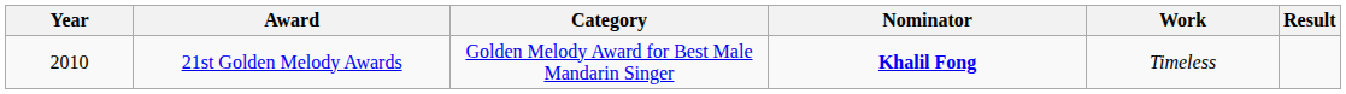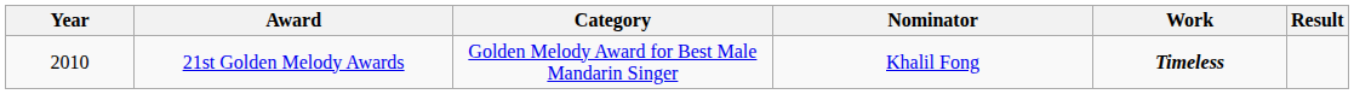 <table class="wikitable" width="70%">
 <tr align=center>
 <th width="10%">Year</th>
 <th width="25%">Award</th>
 <th width="25%">Category</th>
 <th width="25%">Nominator</th>
 <th width="25%">Work</th>
 <th width="20%">Result</th>
 </tr>
 <tr align=center>
 <td rowspan="4">2010</td>
 </tr>
 <tr align=center>
 <td rowspan="2"><a href='#'>21st Golden Melody Awards</a></td>
 <td><a href='#'>Golden Melody Award for Best Male Mandarin Singer</a></td>
-<td><strong><a href='#'>Khalil Fong</a></strong></td>
-<td><em>Timeless</em></td>
+<td><a href='#'>Khalil Fong</a></td>
+<td><strong><em>Timeless</em></strong></td>
 <td></td>
 </tr>
 </table>
